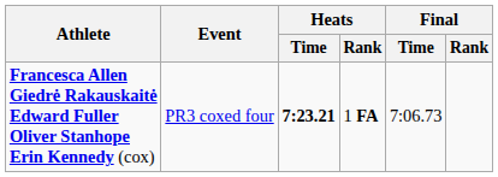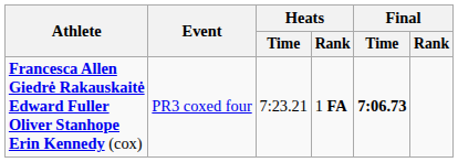 <table class="wikitable" style="font-size:90%">
 <tr>
 <th rowspan="2">Athlete</th>
 <th rowspan="2">Event</th>
 <th colspan="2">Heats</th>
 <th colspan="2">Final</th>
 </tr>
 <tr style="font-size:95%">
 <th>Time</th>
 <th>Rank</th>
 <th>Time</th>
 <th>Rank</th>
 </tr>
 <tr>
 <td align=left><strong><a href='#'>Francesca Allen</a><br><a href='#'>Giedrė Rakauskaitė</a><br><a href='#'>Edward Fuller</a><br><a href='#'>Oliver Stanhope</a><br><a href='#'>Erin Kennedy</a></strong> (cox)</td>
 <td align=left><a href='#'>PR3 coxed four</a></td>
-<td><strong>7:23.21</strong></td>
+<td>7:23.21</td>
 <td>1 <strong>FA</strong></td>
-<td>7:06.73</td>
+<td><strong>7:06.73</strong></td>
 <td></td>
 </tr>
 </table>
